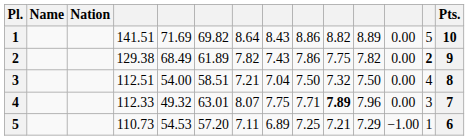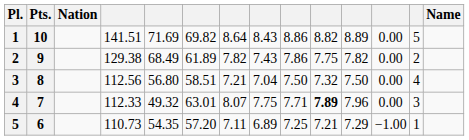 <table class="wikitable sortable" style="text-align:center">
 <tr>
 <th>Pl.</th>
-<th>Name</th>
+<th>Pts.</th>
 <th>Nation</th>
 <th></th>
 <th></th>
 <th></th>
 <th></th>
 <th></th>
 <th></th>
 <th></th>
 <th></th>
 <th></th>
 <th></th>
-<th>Pts.</th>
+<th>Name</th>
 </tr>
 <tr>
 <th>1</th>
-<td align=left></td>
+<th>10</th>
 <td align=left></td>
 <td>141.51</td>
 <td>71.69</td>
 <td>69.82</td>
 <td>8.64</td>
 <td>8.43</td>
 <td>8.86</td>
 <td>8.82</td>
 <td>8.89</td>
 <td>0.00</td>
 <td>5</td>
-<th>10</th>
+<td align=left></td>
 </tr>
 <tr>
 <th>2</th>
-<td align=left></td>
+<th>9</th>
 <td align=left></td>
 <td>129.38</td>
 <td>68.49</td>
 <td>61.89</td>
 <td>7.82</td>
 <td>7.43</td>
 <td>7.86</td>
 <td>7.75</td>
 <td>7.82</td>
 <td>0.00</td>
-<td><strong>2</strong></td>
-<th>9</th>
+<td>2</td>
+<td align=left></td>
 </tr>
 <tr>
 <th>3</th>
+<th>8</th>
 <td align=left></td>
-<td align=left></td>
-<td>112.51</td>
-<td>54.00</td>
+<td>112.56</td>
+<td>56.80</td>
 <td>58.51</td>
 <td>7.21</td>
 <td>7.04</td>
 <td>7.50</td>
 <td>7.32</td>
 <td>7.50</td>
 <td>0.00</td>
 <td>4</td>
-<th>8</th>
+<td align=left></td>
 </tr>
 <tr>
 <th>4</th>
-<td align=left></td>
+<th>7</th>
 <td align=left></td>
 <td>112.33</td>
 <td>49.32</td>
 <td>63.01</td>
 <td>8.07</td>
 <td>7.75</td>
 <td>7.71</td>
 <td><strong>7.89</strong></td>
 <td>7.96</td>
 <td>0.00</td>
 <td>3</td>
-<th>7</th>
+<td align=left></td>
 </tr>
 <tr>
 <th>5</th>
-<td align=left></td>
+<th>6</th>
 <td align=left></td>
 <td>110.73</td>
-<td>54.53</td>
+<td>54.35</td>
 <td>57.20</td>
 <td>7.11</td>
 <td>6.89</td>
 <td>7.25</td>
 <td>7.21</td>
 <td>7.29</td>
 <td>−1.00</td>
 <td>1</td>
-<th>6</th>
+<td align=left></td>
 </tr>
 </table>
